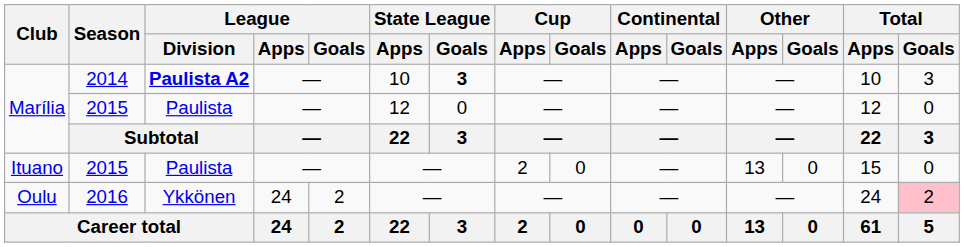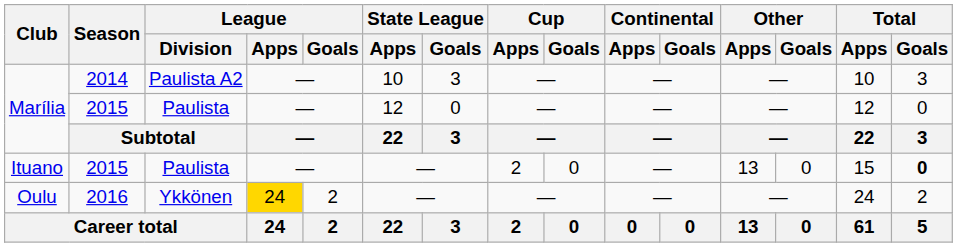 <table class="wikitable" style="text-align:center;">
 <tr>
 <th rowspan="2">Club</th>
 <th rowspan="2">Season</th>
 <th colspan="3">League</th>
 <th colspan="2">State League</th>
 <th colspan="2">Cup</th>
 <th colspan="2">Continental</th>
 <th colspan="2">Other</th>
 <th colspan="2">Total</th>
 </tr>
 <tr>
 <th>Division</th>
 <th>Apps</th>
 <th>Goals</th>
 <th>Apps</th>
 <th>Goals</th>
 <th>Apps</th>
 <th>Goals</th>
 <th>Apps</th>
 <th>Goals</th>
 <th>Apps</th>
 <th>Goals</th>
 <th>Apps</th>
 <th>Goals</th>
 </tr>
 <tr>
 <td rowspan="3" valign="center"><a href='#'>Marília</a></td>
 <td><a href='#'>2014</a></td>
-<td><strong><a href='#'>Paulista A2</a></strong></td>
+<td><a href='#'>Paulista A2</a></td>
 <td colspan="2">—</td>
 <td>10</td>
-<td><strong>3</strong></td>
+<td>3</td>
 <td colspan="2">—</td>
 <td colspan="2">—</td>
 <td colspan="2">—</td>
 <td>10</td>
 <td>3</td>
 </tr>
 <tr>
 <td><a href='#'>2015</a></td>
 <td><a href='#'>Paulista</a></td>
 <td colspan="2">—</td>
 <td>12</td>
 <td>0</td>
 <td colspan="2">—</td>
 <td colspan="2">—</td>
 <td colspan="2">—</td>
 <td>12</td>
 <td>0</td>
 </tr>
 <tr>
 <th colspan="2">Subtotal</th>
 <th colspan="2">—</th>
 <th>22</th>
 <th>3</th>
 <th colspan="2">—</th>
 <th colspan="2">—</th>
 <th colspan="2">—</th>
 <th>22</th>
 <th>3</th>
 </tr>
 <tr>
 <td valign="center"><a href='#'>Ituano</a></td>
 <td><a href='#'>2015</a></td>
 <td><a href='#'>Paulista</a></td>
 <td colspan="2">—</td>
 <td colspan="2">—</td>
 <td>2</td>
 <td>0</td>
 <td colspan="2">—</td>
 <td>13</td>
 <td>0</td>
 <td>15</td>
-<td>0</td>
+<td><strong>0</strong></td>
 </tr>
 <tr>
 <td valign="center"><a href='#'>Oulu</a></td>
 <td><a href='#'>2016</a></td>
 <td><a href='#'>Ykkönen</a></td>
-<td>24</td>
+<td style="background: gold;">24</td>
 <td>2</td>
 <td colspan="2">—</td>
 <td colspan="2">—</td>
 <td colspan="2">—</td>
 <td colspan="2">—</td>
 <td>24</td>
-<td style="background: pink;">2</td>
+<td>2</td>
 </tr>
 <tr>
 <th colspan="3"><strong>Career total</strong></th>
 <th>24</th>
 <th>2</th>
 <th>22</th>
 <th>3</th>
 <th>2</th>
 <th>0</th>
 <th>0</th>
 <th>0</th>
 <th>13</th>
 <th>0</th>
 <th>61</th>
 <th>5</th>
 </tr>
 </table>
